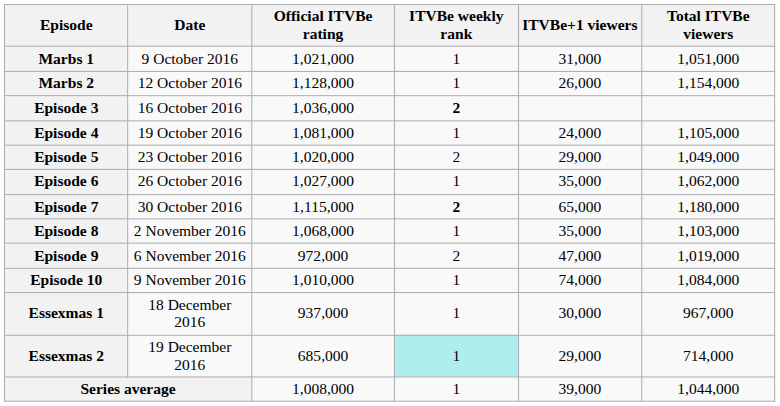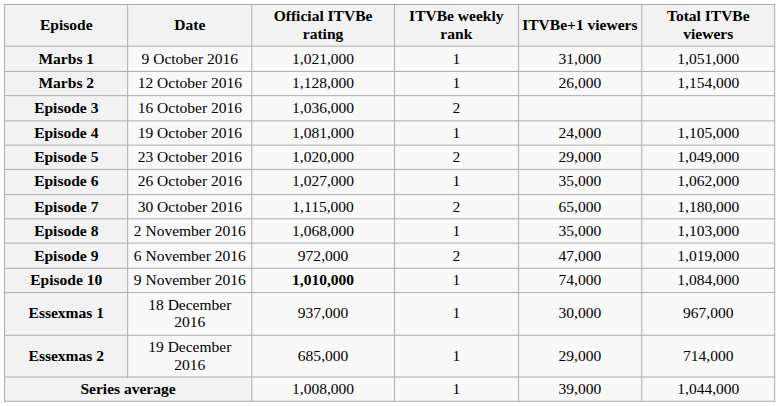 <table class="wikitable sortable" style="text-align:center">
 <tr>
 <th scope="col" style="width:120px;">Episode</th>
 <th scope="col" style="width:120px;">Date</th>
 <th scope="col" style="width:140px;">Official ITVBe rating<br></th>
 <th scope="col" style="width:120px;">ITVBe weekly rank</th>
 <th scope="col" style="width:120px;">ITVBe+1 viewers </th>
 <th scope="col" style="width:130px;">Total ITVBe viewers</th>
 </tr>
 <tr>
 <th scope="row">Marbs 1</th>
 <td>9 October 2016</td>
 <td>1,021,000</td>
 <td>1</td>
 <td>31,000</td>
 <td>1,051,000</td>
 </tr>
 <tr>
 <th scope="row">Marbs 2</th>
 <td>12 October 2016</td>
 <td>1,128,000</td>
 <td>1</td>
 <td>26,000</td>
 <td>1,154,000</td>
 </tr>
 <tr>
 <th scope="row">Episode 3</th>
 <td>16 October 2016</td>
 <td>1,036,000</td>
-<td><strong>2</strong></td>
+<td>2</td>
 <td></td>
 <td></td>
 </tr>
 <tr>
 <th scope="row">Episode 4</th>
 <td>19 October 2016</td>
 <td>1,081,000</td>
 <td>1</td>
 <td>24,000</td>
 <td>1,105,000</td>
 </tr>
 <tr>
 <th scope="row">Episode 5</th>
 <td>23 October 2016</td>
 <td>1,020,000</td>
 <td>2</td>
 <td>29,000</td>
 <td>1,049,000</td>
 </tr>
 <tr>
 <th scope="row">Episode 6</th>
 <td>26 October 2016</td>
 <td>1,027,000</td>
 <td>1</td>
 <td>35,000</td>
 <td>1,062,000</td>
 </tr>
 <tr>
 <th scope="row">Episode 7</th>
 <td>30 October 2016</td>
 <td>1,115,000</td>
-<td><strong>2</strong></td>
+<td>2</td>
 <td>65,000</td>
 <td>1,180,000</td>
 </tr>
 <tr>
 <th scope="row">Episode 8</th>
 <td>2 November 2016</td>
 <td>1,068,000</td>
 <td>1</td>
 <td>35,000</td>
 <td>1,103,000</td>
 </tr>
 <tr>
 <th scope="row">Episode 9</th>
 <td>6 November 2016</td>
 <td>972,000</td>
 <td>2</td>
 <td>47,000</td>
 <td>1,019,000</td>
 </tr>
 <tr>
 <th scope="row">Episode 10</th>
 <td>9 November 2016</td>
-<td>1,010,000</td>
+<td><strong>1,010,000</strong></td>
 <td>1</td>
 <td>74,000</td>
 <td>1,084,000</td>
 </tr>
 <tr>
 <th scope="row">Essexmas 1</th>
 <td>18 December 2016</td>
 <td>937,000</td>
 <td>1</td>
 <td>30,000</td>
 <td>967,000</td>
 </tr>
 <tr>
 <th scope="row">Essexmas 2</th>
 <td>19 December 2016</td>
 <td>685,000</td>
-<td style="background: paleturquoise;">1</td>
+<td>1</td>
 <td>29,000</td>
 <td>714,000</td>
 </tr>
 <tr>
 <th scope="row" colspan="2">Series average</th>
 <td>1,008,000</td>
 <td>1</td>
 <td>39,000</td>
 <td>1,044,000</td>
 </tr>
 </table>
